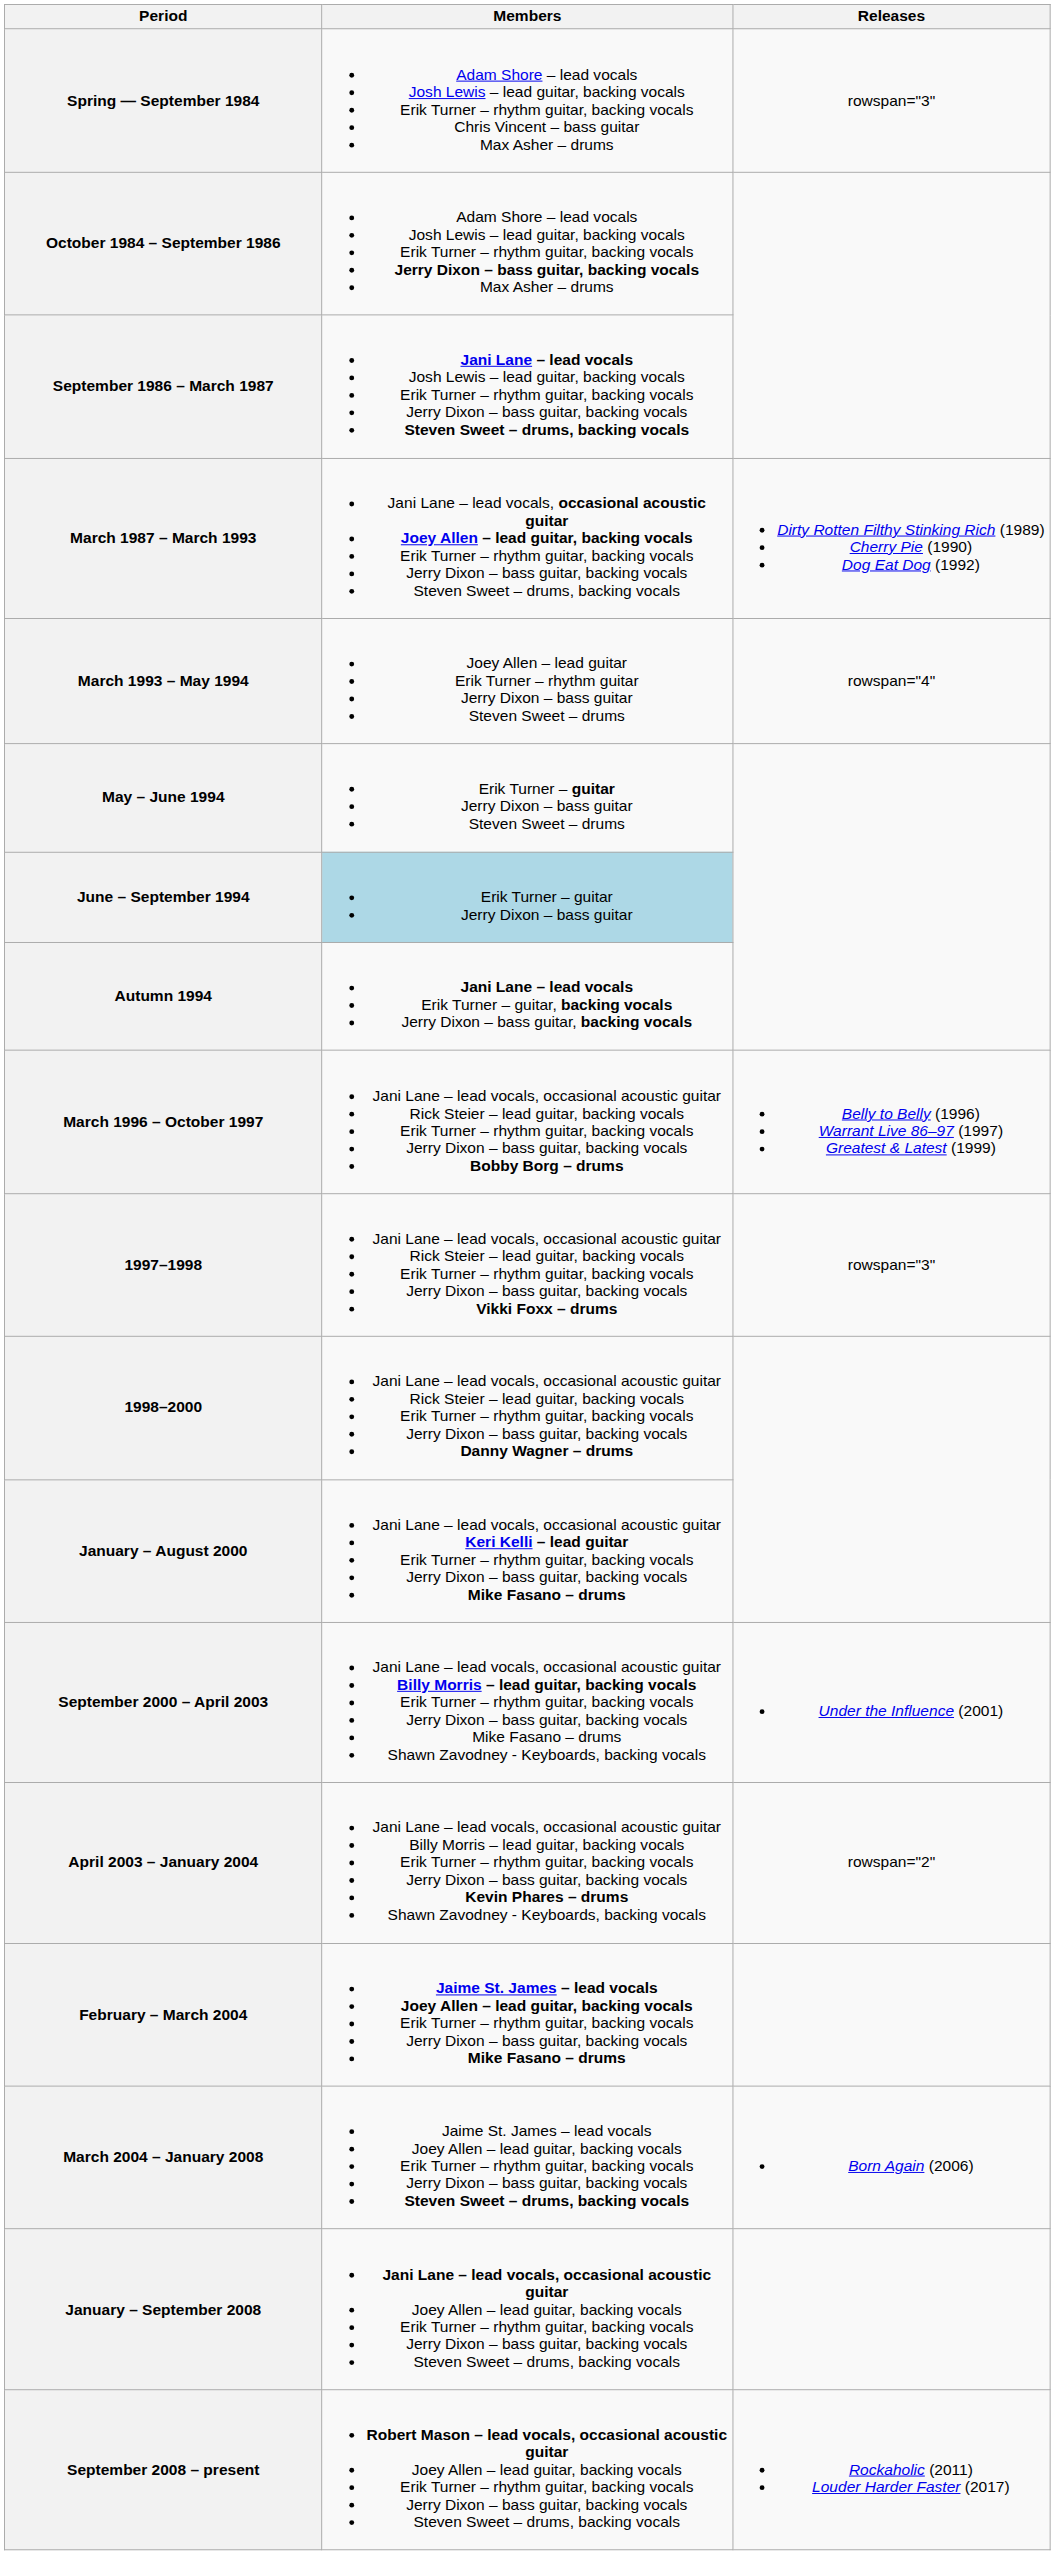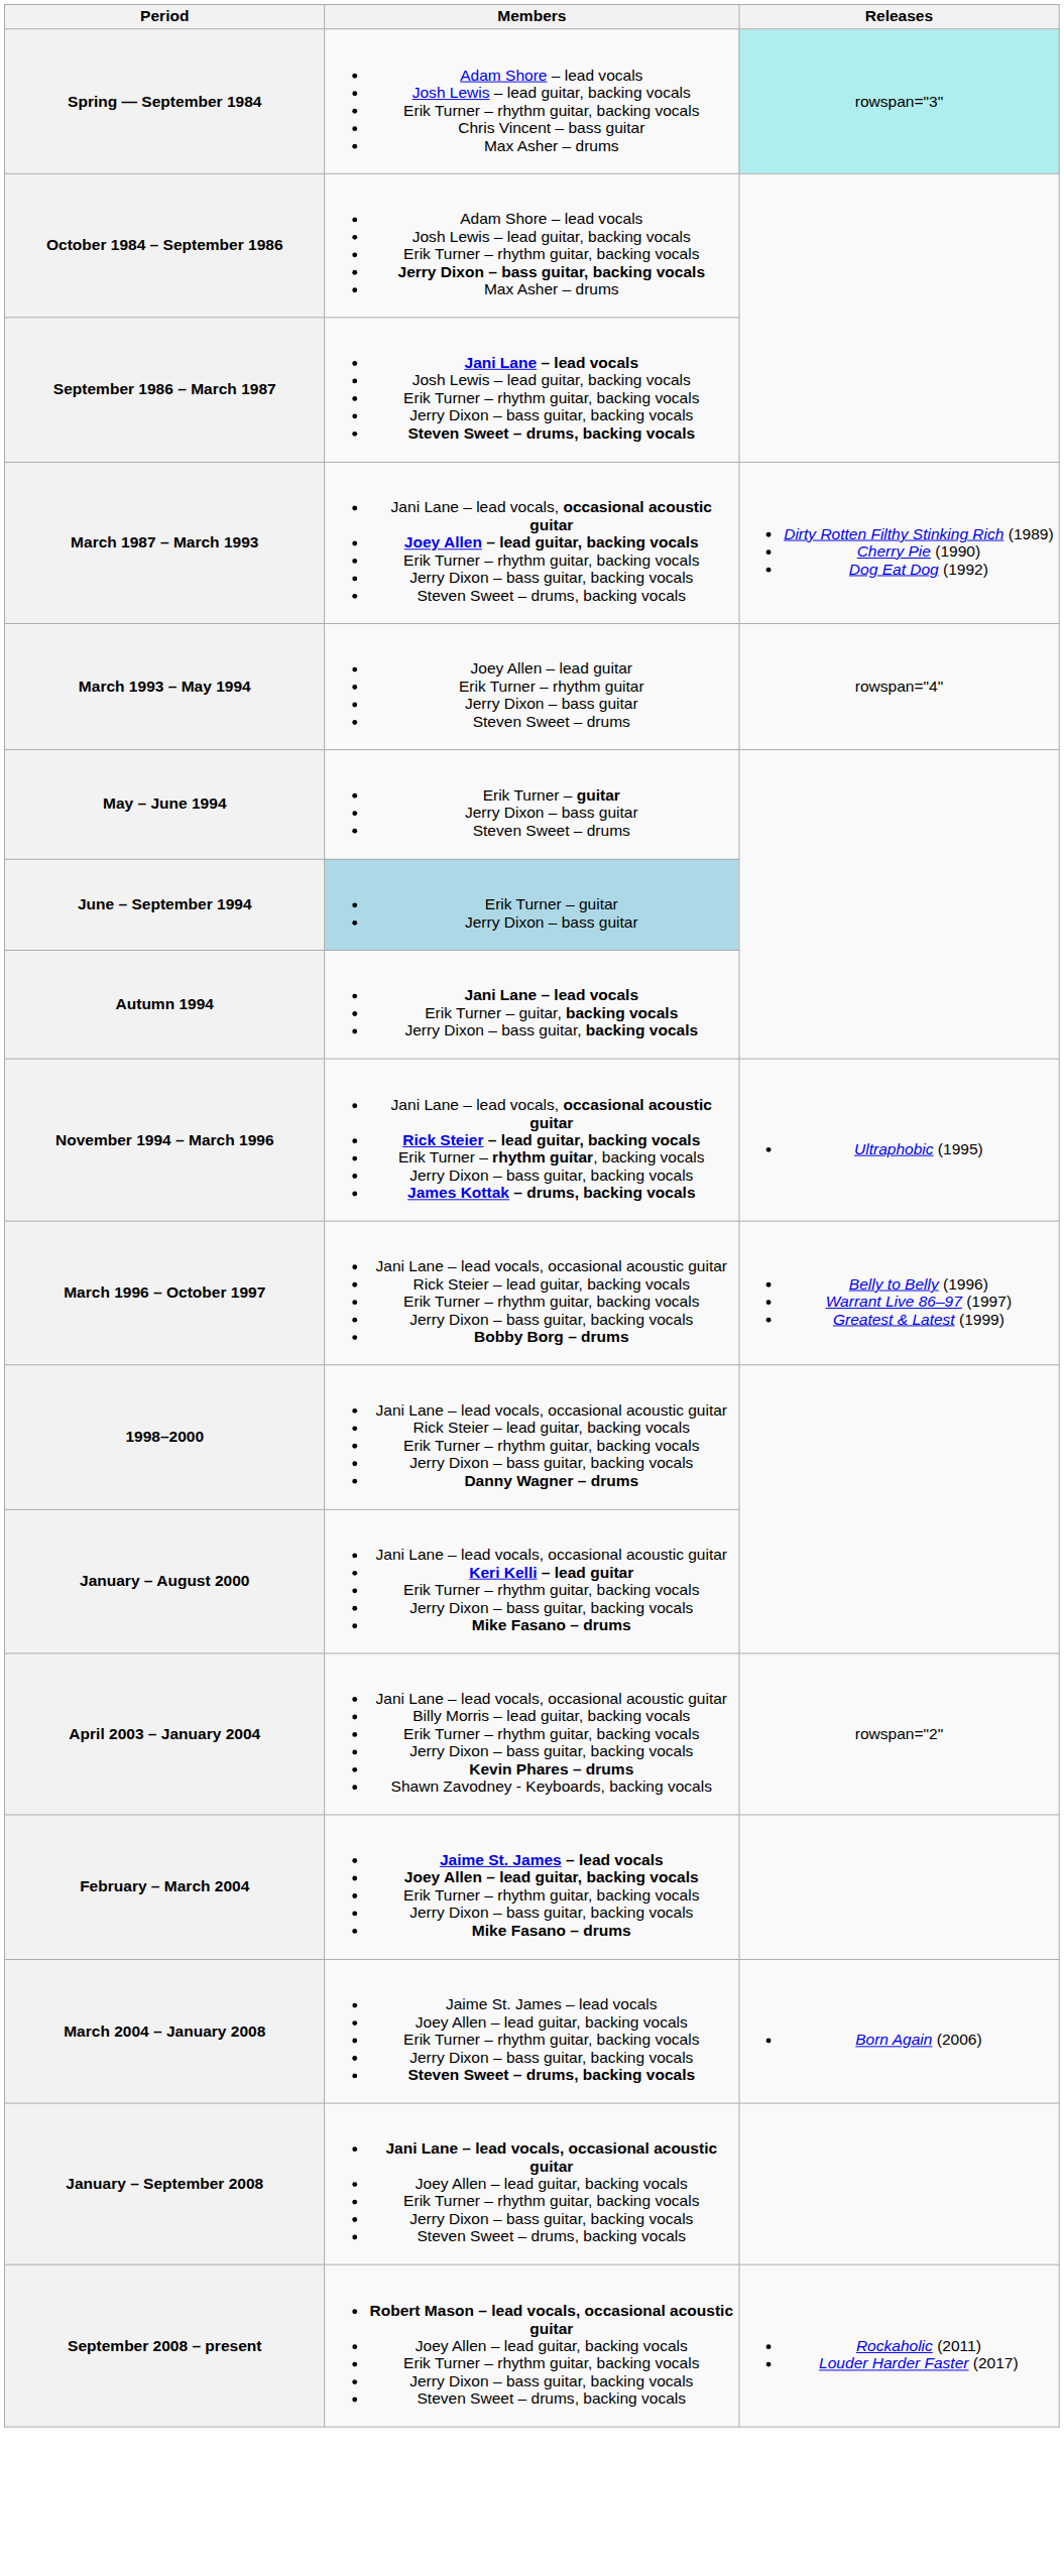 <table class="wikitable plainrowheaders" style="text-align:center;">
 <tr>
 <th scope="col" style="width:20em;">Period</th>
 <th scope="col" style="width:26em;">Members</th>
 <th scope="col" style="width:20em;">Releases</th>
 </tr>
 <tr>
 <th scope="col">Spring — September 1984</th>
 <td><br><ul><li><a href='#'>Adam Shore</a> – lead vocals</li><li><a href='#'>Josh Lewis</a> – lead guitar, backing vocals</li><li>Erik Turner – rhythm guitar, backing vocals</li><li>Chris Vincent – bass guitar</li><li>Max Asher – drums</li></ul></td>
-<td>rowspan="3" </td>
+<td style="background: paleturquoise;">rowspan="3" </td>
 </tr>
 <tr>
 <th scope="col">October 1984 – September 1986</th>
 <td><br><ul><li>Adam Shore – lead vocals</li><li>Josh Lewis – lead guitar, backing vocals</li><li>Erik Turner – rhythm guitar, backing vocals</li><li><strong>Jerry Dixon – bass guitar, backing vocals</strong></li><li>Max Asher – drums</li></ul></td>
 </tr>
 <tr>
 <th scope="col">September 1986 – March 1987</th>
 <td><br><ul><li><strong><a href='#'>Jani Lane</a> – lead vocals</strong></li><li>Josh Lewis – lead guitar, backing vocals</li><li>Erik Turner – rhythm guitar, backing vocals</li><li>Jerry Dixon – bass guitar, backing vocals</li><li><strong>Steven Sweet – drums, backing vocals</strong></li></ul></td>
 </tr>
 <tr>
 <th scope="col">March 1987 – March 1993</th>
 <td><br><ul><li>Jani Lane – lead vocals, <strong>occasional acoustic guitar </strong></li><li><strong><a href='#'>Joey Allen</a> – lead guitar, backing vocals</strong></li><li>Erik Turner – rhythm guitar, backing vocals</li><li>Jerry Dixon – bass guitar, backing vocals</li><li>Steven Sweet – drums, backing vocals</li></ul></td>
 <td><br><ul><li><em><a href='#'>Dirty Rotten Filthy Stinking Rich</a></em> (1989)</li><li><em><a href='#'>Cherry Pie</a></em> (1990)</li><li><em><a href='#'>Dog Eat Dog</a></em> (1992)</li></ul></td>
 </tr>
 <tr>
 <th scope="col">March 1993 – May 1994</th>
 <td><br><ul><li>Joey Allen – lead guitar</li><li>Erik Turner – rhythm guitar</li><li>Jerry Dixon – bass guitar</li><li>Steven Sweet – drums</li></ul></td>
 <td>rowspan="4" </td>
 </tr>
 <tr>
 <th scope="col">May – June 1994</th>
 <td><br><ul><li>Erik Turner – <strong>guitar</strong></li><li>Jerry Dixon – bass guitar</li><li>Steven Sweet – drums</li></ul></td>
 </tr>
 <tr>
 <th scope="col">June – September 1994</th>
 <td style="background: lightblue;"><br><ul><li>Erik Turner – guitar</li><li>Jerry Dixon – bass guitar</li></ul></td>
 </tr>
 <tr>
 <th scope="col">Autumn 1994</th>
 <td><br><ul><li><strong>Jani Lane – lead vocals</strong></li><li>Erik Turner – guitar, <strong>backing vocals</strong></li><li>Jerry Dixon – bass guitar, <strong>backing vocals</strong></li></ul></td>
 </tr>
 <tr>
+<th scope="col">November 1994 – March 1996</th>
+<td><br><ul><li>Jani Lane – lead vocals, <strong>occasional acoustic guitar</strong></li><li><strong><a href='#'>Rick Steier</a> – lead guitar, backing vocals</strong></li><li>Erik Turner – <strong>rhythm guitar</strong>, backing vocals</li><li>Jerry Dixon – bass guitar, backing vocals</li><li><strong><a href='#'>James Kottak</a> – drums, backing vocals</strong></li></ul></td>
+<td><br><ul><li><em><a href='#'>Ultraphobic</a></em> (1995)</li></ul></td>
+</tr>
+<tr>
 <th scope="col">March 1996 – October 1997</th>
 <td><br><ul><li>Jani Lane – lead vocals, occasional acoustic guitar</li><li>Rick Steier – lead guitar, backing vocals</li><li>Erik Turner – rhythm guitar, backing vocals</li><li>Jerry Dixon – bass guitar, backing vocals</li><li><strong>Bobby Borg – drums</strong></li></ul></td>
 <td><br><ul><li><em><a href='#'>Belly to Belly</a></em> (1996)</li><li><em><a href='#'>Warrant Live 86–97</a></em> (1997)</li><li><em><a href='#'>Greatest & Latest</a></em> (1999) </li></ul></td>
-</tr>
-<tr>
-<th scope="col">1997–1998</th>
-<td><br><ul><li>Jani Lane – lead vocals, occasional acoustic guitar</li><li>Rick Steier – lead guitar, backing vocals</li><li>Erik Turner – rhythm guitar, backing vocals</li><li>Jerry Dixon – bass guitar, backing vocals</li><li><strong>Vikki Foxx – drums</strong> </li></ul></td>
-<td>rowspan="3"  </td>
 </tr>
 <tr>
 <th scope="col">1998–2000</th>
 <td><br><ul><li>Jani Lane – lead vocals, occasional acoustic guitar</li><li>Rick Steier – lead guitar, backing vocals</li><li>Erik Turner – rhythm guitar, backing vocals</li><li>Jerry Dixon – bass guitar, backing vocals</li><li><strong>Danny Wagner – drums</strong> </li></ul></td>
 </tr>
 <tr>
 <th scope="col">January – August 2000</th>
 <td><br><ul><li>Jani Lane – lead vocals, occasional acoustic guitar</li><li><strong><a href='#'>Keri Kelli</a> – lead guitar</strong> </li><li>Erik Turner – rhythm guitar, backing vocals</li><li>Jerry Dixon – bass guitar, backing vocals</li><li><strong>Mike Fasano – drums</strong></li></ul></td>
-</tr>
-<tr>
-<th scope="col">September 2000 – April 2003</th>
-<td><br><ul><li>Jani Lane – lead vocals, occasional acoustic guitar</li><li><strong><a href='#'>Billy Morris</a> – lead guitar, backing vocals</strong></li><li>Erik Turner – rhythm guitar, backing vocals</li><li>Jerry Dixon – bass guitar, backing vocals</li><li>Mike Fasano – drums</li><li>Shawn Zavodney - Keyboards, backing vocals</li></ul></td>
-<td><br><ul><li><em><a href='#'>Under the Influence</a></em> (2001)</li></ul></td>
 </tr>
 <tr>
 <th scope="col">April 2003 – January 2004</th>
 <td><br><ul><li>Jani Lane – lead vocals, occasional acoustic guitar</li><li>Billy Morris – lead guitar, backing vocals</li><li>Erik Turner – rhythm guitar, backing vocals</li><li>Jerry Dixon – bass guitar, backing vocals</li><li><strong>Kevin Phares – drums</strong></li><li>Shawn Zavodney - Keyboards, backing vocals</li></ul></td>
 <td>rowspan="2" </td>
 </tr>
 <tr>
 <th scope="col">February – March 2004</th>
 <td><br><ul><li><strong><a href='#'>Jaime St. James</a> – lead vocals</strong></li><li><strong>Joey Allen – lead guitar, backing vocals</strong></li><li>Erik Turner – rhythm guitar, backing vocals</li><li>Jerry Dixon – bass guitar, backing vocals</li><li><strong>Mike Fasano – drums</strong></li></ul></td>
 </tr>
 <tr>
 <th scope="col">March 2004 – January 2008</th>
 <td><br><ul><li>Jaime St. James – lead vocals</li><li>Joey Allen – lead guitar, backing vocals</li><li>Erik Turner – rhythm guitar, backing vocals</li><li>Jerry Dixon – bass guitar, backing vocals</li><li><strong>Steven Sweet – drums, backing vocals</strong></li></ul></td>
 <td><br><ul><li><em><a href='#'>Born Again</a></em> (2006)</li></ul></td>
 </tr>
 <tr>
 <th scope="col">January – September 2008</th>
 <td><br><ul><li><strong>Jani Lane – lead vocals, occasional acoustic guitar</strong></li><li>Joey Allen – lead guitar, backing vocals</li><li>Erik Turner – rhythm guitar, backing vocals</li><li>Jerry Dixon – bass guitar, backing vocals</li><li>Steven Sweet – drums, backing vocals</li></ul></td>
 <td></td>
 </tr>
 <tr>
 <th scope="col">September 2008 – present</th>
 <td><br><ul><li><strong>Robert Mason – lead vocals, occasional acoustic guitar</strong></li><li>Joey Allen – lead guitar, backing vocals</li><li>Erik Turner – rhythm guitar, backing vocals</li><li>Jerry Dixon – bass guitar, backing vocals</li><li>Steven Sweet – drums, backing vocals</li></ul></td>
 <td><br><ul><li><em><a href='#'>Rockaholic</a></em> (2011)</li><li><em><a href='#'>Louder Harder Faster</a></em> (2017)</li></ul></td>
 </tr>
 </table>
